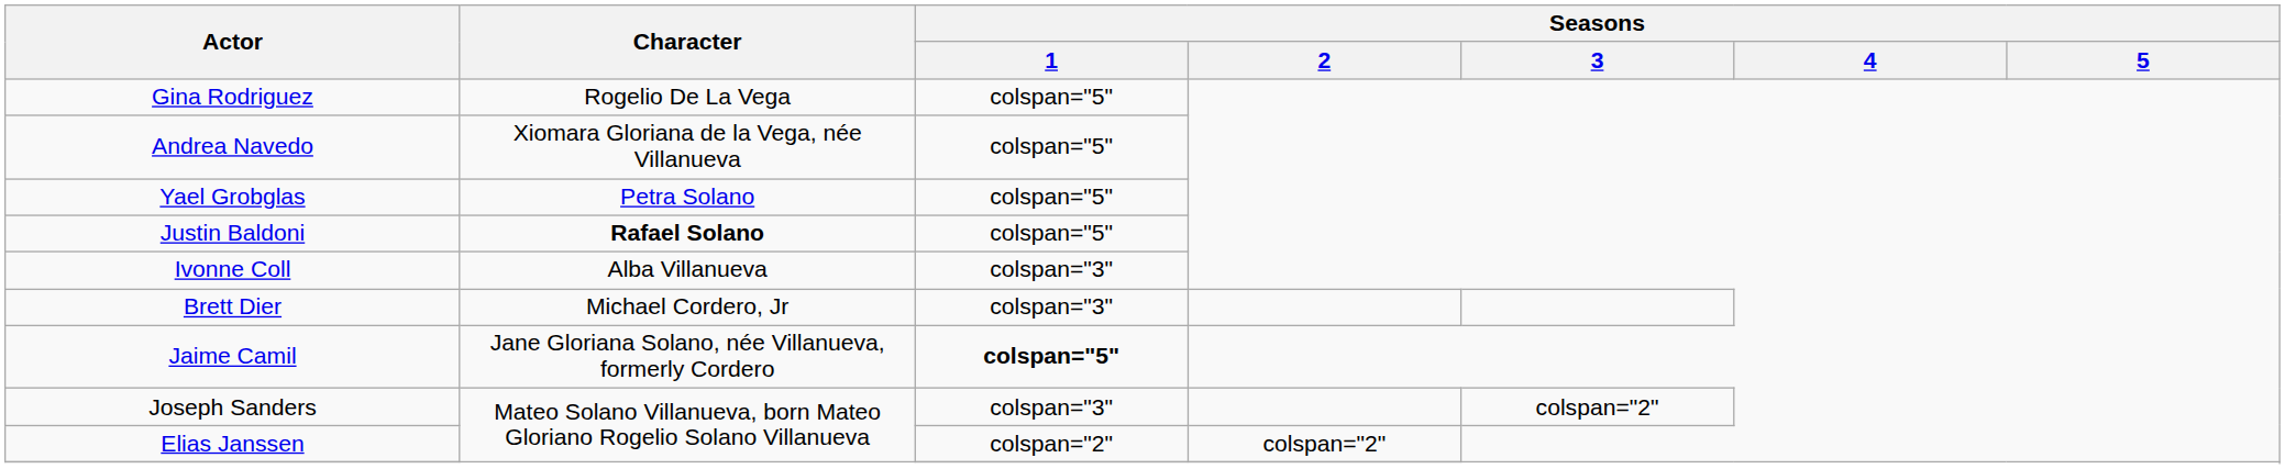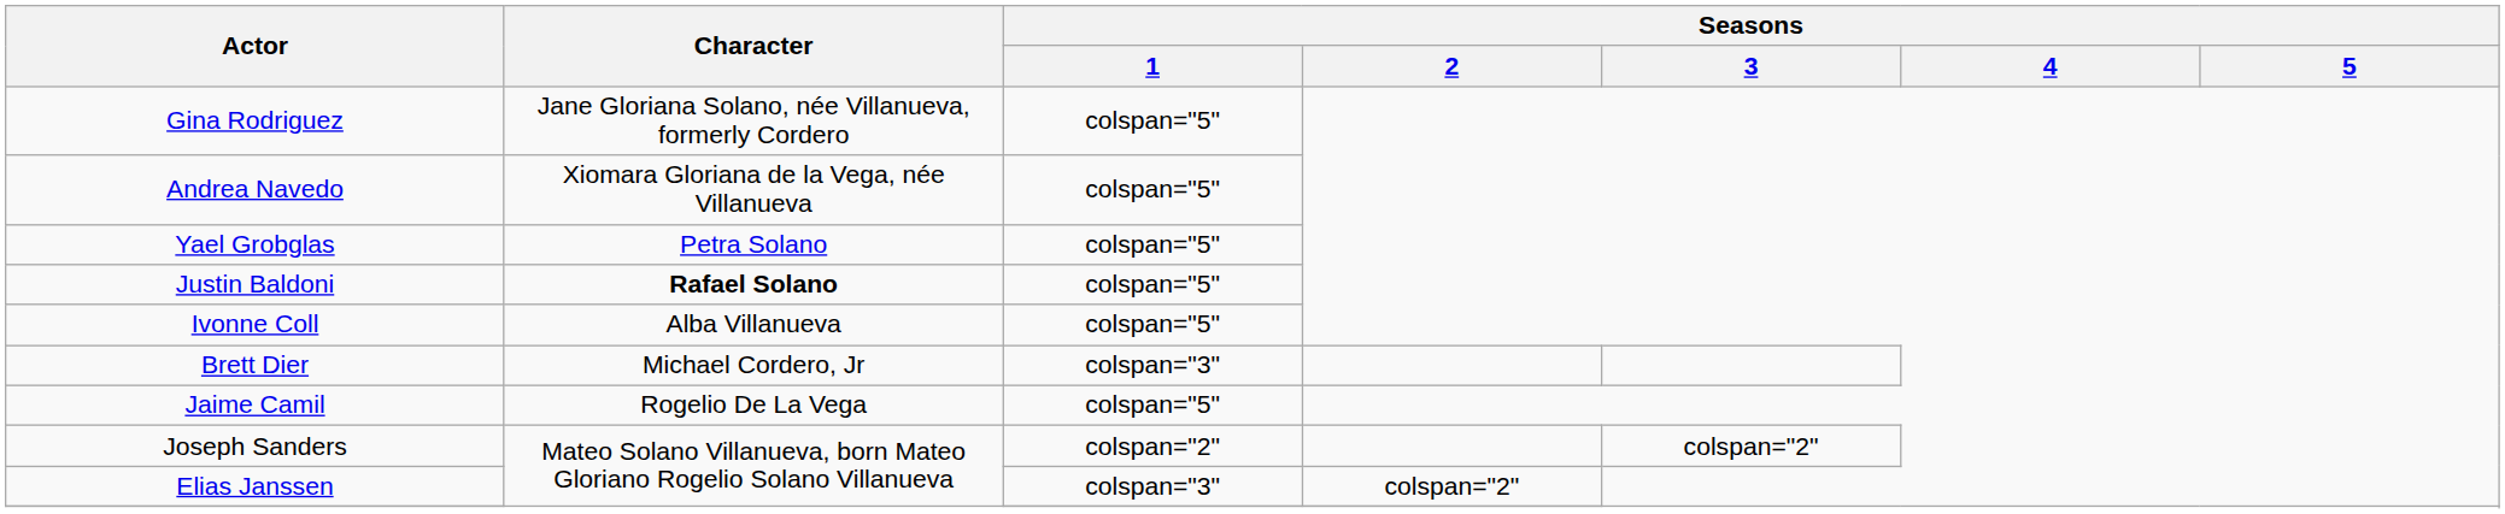 <table class="wikitable plainrowheaders" style="text-align:center;">
 <tr>
 <th scope="col" rowspan="2" style="width:20%;">Actor</th>
 <th scope="col" rowspan="2" style="width:20%;">Character</th>
 <th scope="col" colspan="5" style="width:60%;">Seasons</th>
 </tr>
 <tr>
 <th scope="col" style="width:12%;"><a href='#'>1</a></th>
 <th scope="col" style="width:12%;"><a href='#'>2</a></th>
 <th scope="col" style="width:12%;"><a href='#'>3</a></th>
 <th scope="col" style="width:12%;"><a href='#'>4</a></th>
 <th scope="col" style="width:12%;"><a href='#'>5</a></th>
 </tr>
 <tr>
 <td scope="row"><a href='#'>Gina Rodriguez</a></td>
-<td>Rogelio De La Vega</td>
+<td>Jane Gloriana Solano, née Villanueva, formerly Cordero</td>
 <td>colspan="5" </td>
 </tr>
 <tr>
 <td scope="row"><a href='#'>Andrea Navedo</a></td>
 <td>Xiomara Gloriana de la Vega, née Villanueva</td>
 <td>colspan="5" </td>
 </tr>
 <tr>
 <td scope="row"><a href='#'>Yael Grobglas</a></td>
 <td><a href='#'>Petra Solano</a></td>
 <td>colspan="5" </td>
 </tr>
 <tr>
 <td scope="row"><a href='#'>Justin Baldoni</a></td>
 <td><strong>Rafael Solano</strong></td>
 <td>colspan="5" </td>
 </tr>
 <tr>
 <td scope="row"><a href='#'>Ivonne Coll</a></td>
 <td>Alba Villanueva</td>
-<td>colspan="3" </td>
+<td>colspan="5" </td>
 </tr>
 <tr>
 <td scope="row"><a href='#'>Brett Dier</a></td>
 <td>Michael Cordero, Jr</td>
 <td>colspan="3" </td>
 <td></td>
 <td></td>
 </tr>
 <tr>
 <td scope="row"><a href='#'>Jaime Camil</a></td>
-<td>Jane Gloriana Solano, née Villanueva, formerly Cordero</td>
-<td><strong>colspan="5" </strong></td>
+<td>Rogelio De La Vega</td>
+<td>colspan="5" </td>
 </tr>
 <tr>
 <td scope="row">Joseph Sanders</td>
 <td rowspan="3">Mateo Solano Villanueva, born Mateo Gloriano Rogelio Solano Villanueva</td>
-<td>colspan="3" </td>
+<td>colspan="2" </td>
 <td></td>
 <td>colspan="2" </td>
 </tr>
 <tr>
 <td scope="row"><a href='#'>Elias Janssen</a></td>
-<td>colspan="2" </td>
+<td>colspan="3" </td>
 <td>colspan="2" </td>
 </tr>
 <tr>
 </tr>
 </table>
